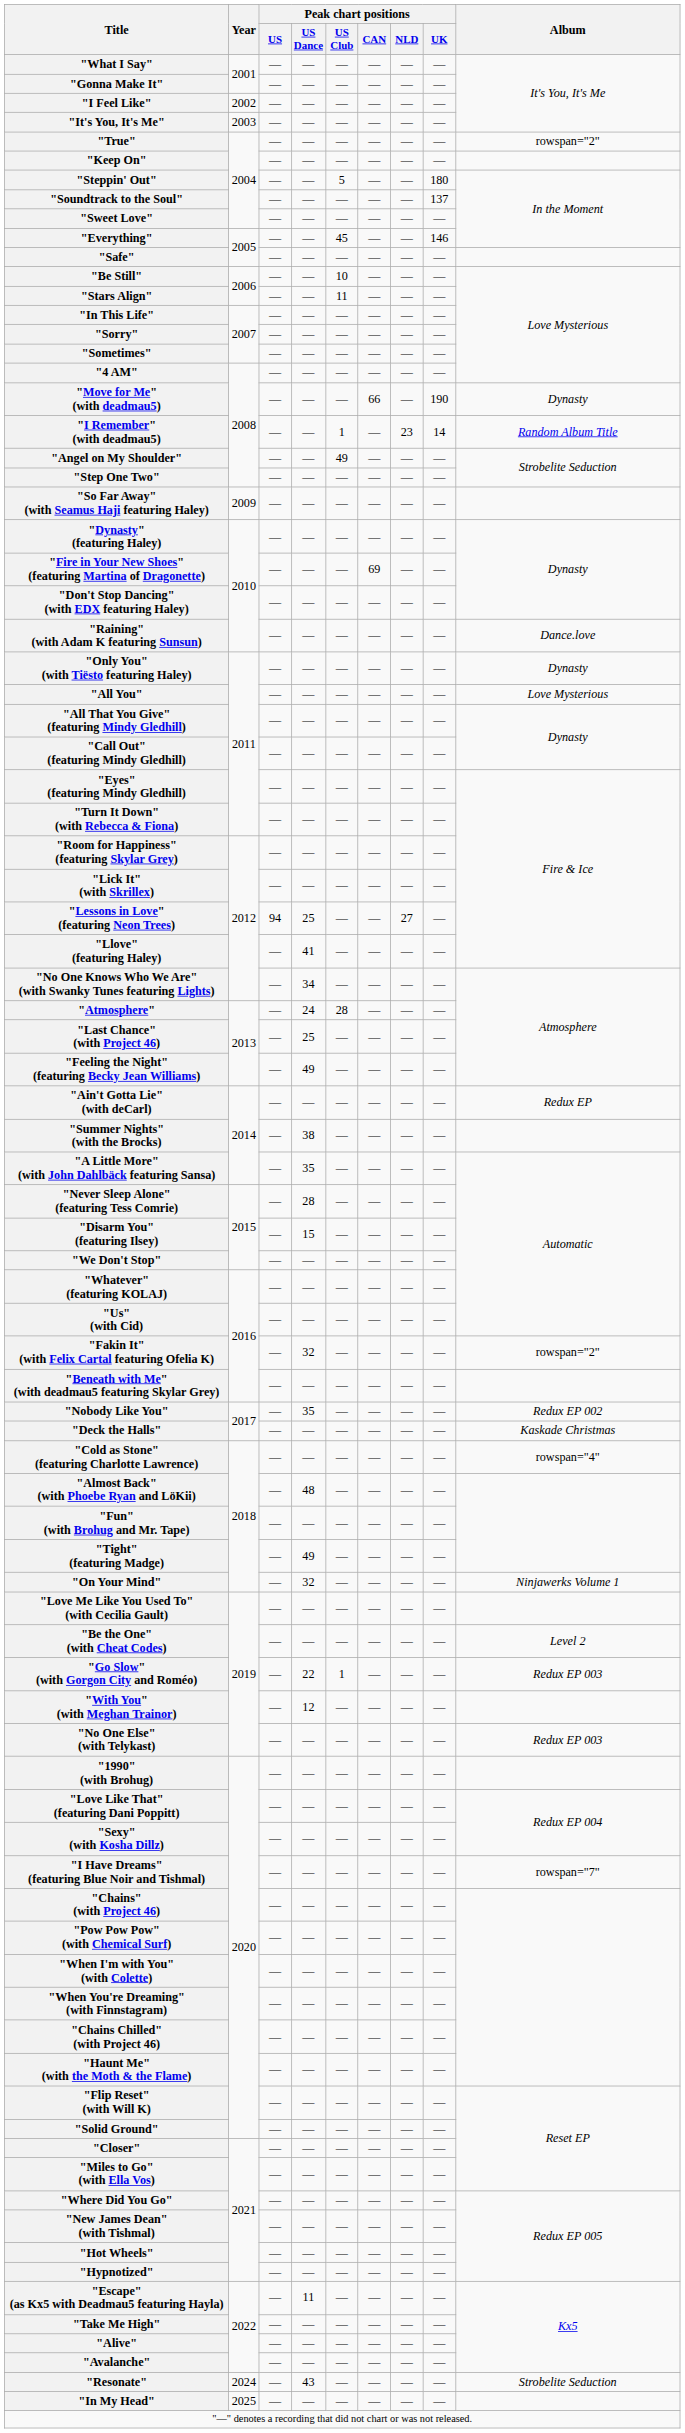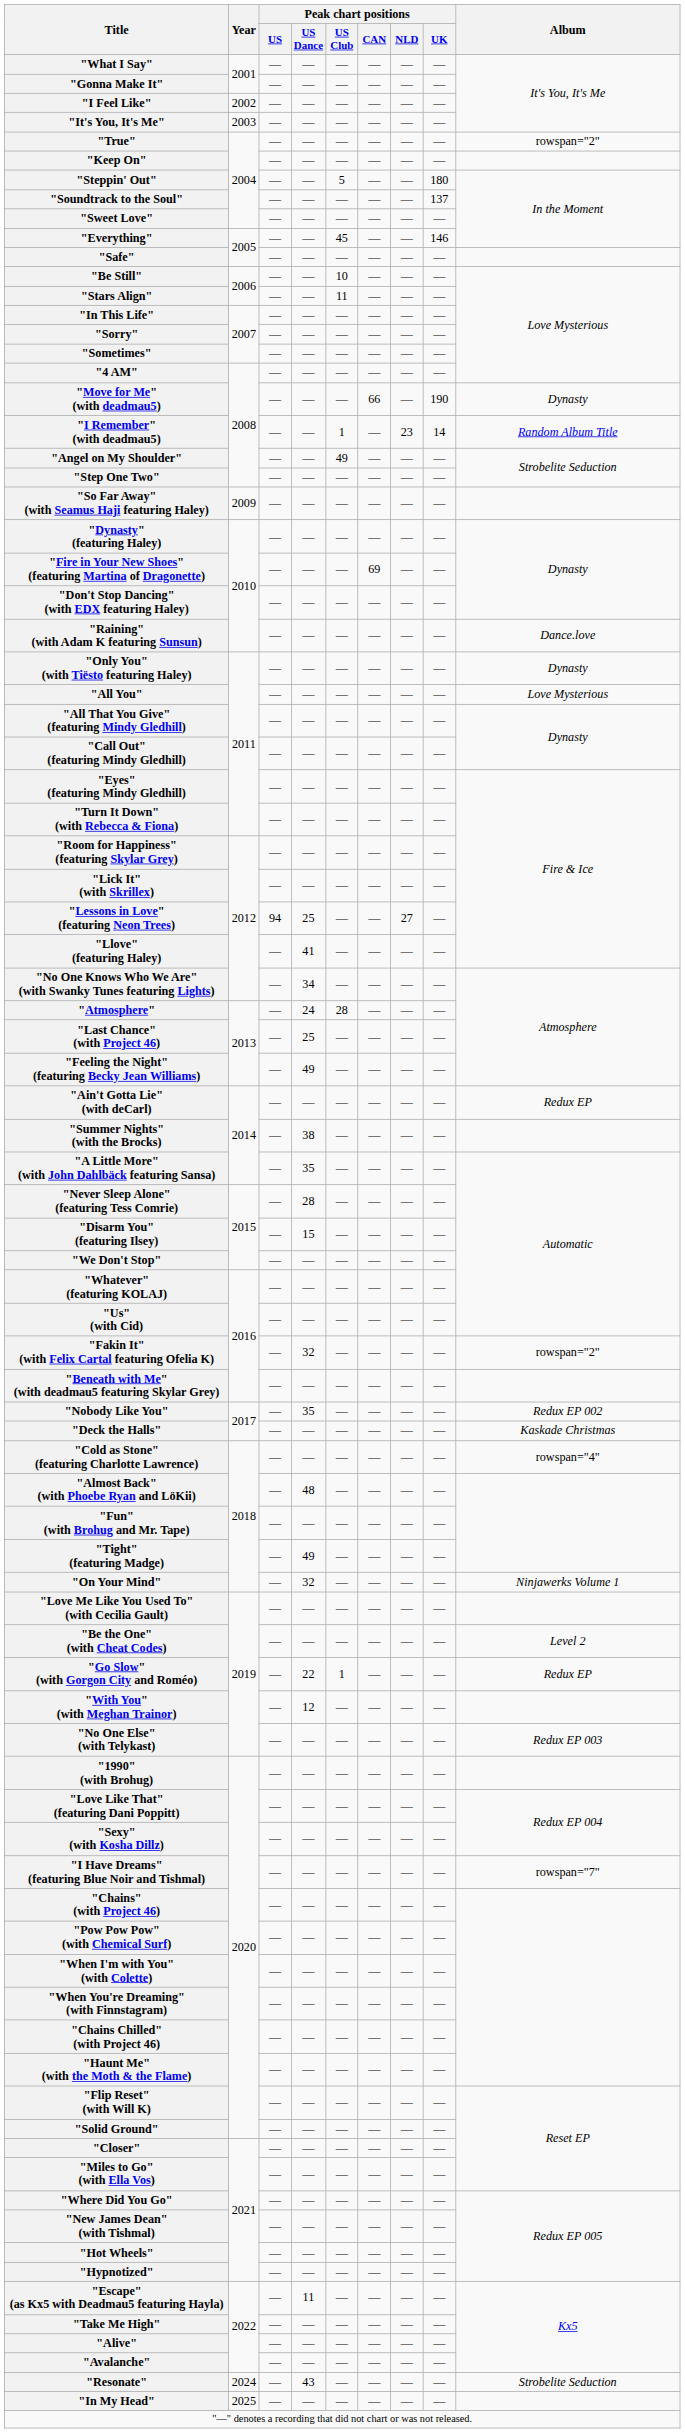 <table class="wikitable plainrowheaders" style="text-align:center;" border="1">
 <tr>
 <th scope="col" rowspan="2" style="width:18em;">Title</th>
 <th scope="col" rowspan="2" style="width:2em;">Year</th>
 <th scope="col" colspan="6">Peak chart positions</th>
 <th scope="col" rowspan="2" style="width:18em;">Album</th>
 </tr>
 <tr>
 <th scope="col" style="width:2.5em;font-size:90%;"><a href='#'>US</a><br></th>
 <th scope="col" style="width:2.5em;font-size:90%;"><a href='#'>US<br>Dance</a><br></th>
 <th scope="col" style="width:2.5em;font-size:90%;"><a href='#'>US<br>Club</a><br></th>
 <th scope="col" style="width:2.5em;font-size:90%;"><a href='#'>CAN</a><br></th>
 <th scope="col" style="width:2.5em;font-size:90%;"><a href='#'>NLD</a><br></th>
 <th scope="col" style="width:2.5em;font-size:90%;"><a href='#'>UK</a><br></th>
 </tr>
 <tr>
 <th scope="row">"What I Say"</th>
 <td rowspan="2">2001</td>
 <td>—</td>
 <td>—</td>
 <td>—</td>
 <td>—</td>
 <td>—</td>
 <td>—</td>
 <td rowspan="4"><em>It's You, It's Me</em></td>
 </tr>
 <tr>
 <th scope="row">"Gonna Make It"</th>
 <td>—</td>
 <td>—</td>
 <td>—</td>
 <td>—</td>
 <td>—</td>
 <td>—</td>
 </tr>
 <tr>
 <th scope="row">"I Feel Like"</th>
 <td>2002</td>
 <td>—</td>
 <td>—</td>
 <td>—</td>
 <td>—</td>
 <td>—</td>
 <td>—</td>
 </tr>
 <tr>
 <th scope="row">"It's You, It's Me"</th>
 <td>2003</td>
 <td>—</td>
 <td>—</td>
 <td>—</td>
 <td>—</td>
 <td>—</td>
 <td>—</td>
 </tr>
 <tr>
 <th scope="row">"True"</th>
 <td rowspan="5">2004</td>
 <td>—</td>
 <td>—</td>
 <td>—</td>
 <td>—</td>
 <td>—</td>
 <td>—</td>
 <td>rowspan="2" </td>
 </tr>
 <tr>
 <th scope="row">"Keep On"</th>
 <td>—</td>
 <td>—</td>
 <td>—</td>
 <td>—</td>
 <td>—</td>
 <td>—</td>
 </tr>
 <tr>
 <th scope="row">"Steppin' Out"</th>
 <td>—</td>
 <td>—</td>
 <td>5</td>
 <td>—</td>
 <td>—</td>
 <td>180</td>
 <td rowspan="4"><em>In the Moment</em></td>
 </tr>
 <tr>
 <th scope="row">"Soundtrack to the Soul"</th>
 <td>—</td>
 <td>—</td>
 <td>—</td>
 <td>—</td>
 <td>—</td>
 <td>137</td>
 </tr>
 <tr>
 <th scope="row">"Sweet Love"</th>
 <td>—</td>
 <td>—</td>
 <td>—</td>
 <td>—</td>
 <td>—</td>
 <td>—</td>
 </tr>
 <tr>
 <th scope="row">"Everything"</th>
 <td rowspan="2">2005</td>
 <td>—</td>
 <td>—</td>
 <td>45</td>
 <td>—</td>
 <td>—</td>
 <td>146</td>
 </tr>
 <tr>
 <th scope="row">"Safe"</th>
 <td>—</td>
 <td>—</td>
 <td>—</td>
 <td>—</td>
 <td>—</td>
 <td>—</td>
 <td></td>
 </tr>
 <tr>
 <th scope="row">"Be Still"</th>
 <td rowspan="2">2006</td>
 <td>—</td>
 <td>—</td>
 <td>10</td>
 <td>—</td>
 <td>—</td>
 <td>—</td>
 <td rowspan="6"><em>Love Mysterious</em></td>
 </tr>
 <tr>
 <th scope="row">"Stars Align"</th>
 <td>—</td>
 <td>—</td>
 <td>11</td>
 <td>—</td>
 <td>—</td>
 <td>—</td>
 </tr>
 <tr>
 <th scope="row">"In This Life"</th>
 <td rowspan="3">2007</td>
 <td>—</td>
 <td>—</td>
 <td>—</td>
 <td>—</td>
 <td>—</td>
 <td>—</td>
 </tr>
 <tr>
 <th scope="row">"Sorry"</th>
 <td>—</td>
 <td>—</td>
 <td>—</td>
 <td>—</td>
 <td>—</td>
 <td>—</td>
 </tr>
 <tr>
 <th scope="row">"Sometimes"</th>
 <td>—</td>
 <td>—</td>
 <td>—</td>
 <td>—</td>
 <td>—</td>
 <td>—</td>
 </tr>
 <tr>
 <th scope="row">"4 AM"</th>
 <td rowspan="5">2008</td>
 <td>—</td>
 <td>—</td>
 <td>—</td>
 <td>—</td>
 <td>—</td>
 <td>—</td>
 </tr>
 <tr>
 <th scope="row">"<a href='#'>Move for Me</a>"<br><span>(with <a href='#'>deadmau5</a>)</span></th>
 <td>—</td>
 <td>—</td>
 <td>—</td>
 <td>66</td>
 <td>—</td>
 <td>190</td>
 <td><em>Dynasty</em></td>
 </tr>
 <tr>
 <th scope="row">"<a href='#'>I Remember</a>"<br><span>(with deadmau5)</span></th>
 <td>—</td>
 <td>—</td>
 <td>1</td>
 <td>—</td>
 <td>23</td>
 <td>14</td>
 <td><em><a href='#'>Random Album Title</a></em></td>
 </tr>
 <tr>
 <th scope="row">"Angel on My Shoulder"</th>
 <td>—</td>
 <td>—</td>
 <td>49</td>
 <td>—</td>
 <td>—</td>
 <td>—</td>
 <td rowspan="2"><em>Strobelite Seduction</em></td>
 </tr>
 <tr>
 <th scope="row">"Step One Two"</th>
 <td>—</td>
 <td>—</td>
 <td>—</td>
 <td>—</td>
 <td>—</td>
 <td>—</td>
 </tr>
 <tr>
 <th scope="row">"So Far Away"<br><span>(with <a href='#'>Seamus Haji</a> featuring Haley)</span></th>
 <td>2009</td>
 <td>—</td>
 <td>—</td>
 <td>—</td>
 <td>—</td>
 <td>—</td>
 <td>—</td>
 <td></td>
 </tr>
 <tr>
 <th scope="row">"<a href='#'>Dynasty</a>"<br><span>(featuring Haley)</span></th>
 <td rowspan="4">2010</td>
 <td>—</td>
 <td>—</td>
 <td>—</td>
 <td>—</td>
 <td>—</td>
 <td>—</td>
 <td rowspan="3"><em>Dynasty</em></td>
 </tr>
 <tr>
 <th scope="row">"<a href='#'>Fire in Your New Shoes</a>"<br><span>(featuring <a href='#'>Martina</a> of <a href='#'>Dragonette</a>)</span></th>
 <td>—</td>
 <td>—</td>
 <td>—</td>
 <td>69</td>
 <td>—</td>
 <td>—</td>
 </tr>
 <tr>
 <th scope="row">"Don't Stop Dancing"<br><span>(with <a href='#'>EDX</a> featuring Haley)</span></th>
 <td>—</td>
 <td>—</td>
 <td>—</td>
 <td>—</td>
 <td>—</td>
 <td>—</td>
 </tr>
 <tr>
 <th scope="row">"Raining"<br><span>(with Adam K featuring <a href='#'>Sunsun</a>)</span></th>
 <td>—</td>
 <td>—</td>
 <td>—</td>
 <td>—</td>
 <td>—</td>
 <td>—</td>
 <td><em>Dance.love</em></td>
 </tr>
 <tr>
 <th scope="row">"Only You"<br><span>(with <a href='#'>Tiësto</a> featuring Haley)</span></th>
 <td rowspan="6">2011</td>
 <td>—</td>
 <td>—</td>
 <td>—</td>
 <td>—</td>
 <td>—</td>
 <td>—</td>
 <td><em>Dynasty</em></td>
 </tr>
 <tr>
 <th scope="row">"All You"</th>
 <td>—</td>
 <td>—</td>
 <td>—</td>
 <td>—</td>
 <td>—</td>
 <td>—</td>
 <td><em>Love Mysterious</em></td>
 </tr>
 <tr>
 <th scope="row">"All That You Give"<br><span>(featuring <a href='#'>Mindy Gledhill</a>)</span></th>
 <td>—</td>
 <td>—</td>
 <td>—</td>
 <td>—</td>
 <td>—</td>
 <td>—</td>
 <td rowspan="2"><em>Dynasty</em></td>
 </tr>
 <tr>
 <th scope="row">"Call Out"<br><span>(featuring Mindy Gledhill)</span></th>
 <td>—</td>
 <td>—</td>
 <td>—</td>
 <td>—</td>
 <td>—</td>
 <td>—</td>
 </tr>
 <tr>
 <th scope="row">"Eyes"<br><span>(featuring Mindy Gledhill)</span></th>
 <td>—</td>
 <td>—</td>
 <td>—</td>
 <td>—</td>
 <td>—</td>
 <td>—</td>
 <td rowspan="6"><em>Fire & Ice</em></td>
 </tr>
 <tr>
 <th scope="row">"Turn It Down"<br><span>(with <a href='#'>Rebecca & Fiona</a>)</span></th>
 <td>—</td>
 <td>—</td>
 <td>—</td>
 <td>—</td>
 <td>—</td>
 <td>—</td>
 </tr>
 <tr>
 <th scope="row">"Room for Happiness"<br><span>(featuring <a href='#'>Skylar Grey</a>)</span></th>
 <td rowspan="5">2012</td>
 <td>—</td>
 <td>—</td>
 <td>—</td>
 <td>—</td>
 <td>—</td>
 <td>—</td>
 </tr>
 <tr>
 <th scope="row">"Lick It"<br><span>(with <a href='#'>Skrillex</a>)</span></th>
 <td>—</td>
 <td>—</td>
 <td>—</td>
 <td>—</td>
 <td>—</td>
 <td>—</td>
 </tr>
 <tr>
 <th scope="row">"<a href='#'>Lessons in Love</a>"<br><span>(featuring <a href='#'>Neon Trees</a>)</span></th>
 <td>94</td>
 <td>25</td>
 <td>—</td>
 <td>—</td>
 <td>27</td>
 <td>—</td>
 </tr>
 <tr>
 <th scope="row">"Llove"<br><span>(featuring Haley)</span></th>
 <td>—</td>
 <td>41</td>
 <td>—</td>
 <td>—</td>
 <td>—</td>
 <td>—</td>
 </tr>
 <tr>
 <th scope="row">"No One Knows Who We Are"<br><span>(with Swanky Tunes featuring <a href='#'>Lights</a>)</span></th>
 <td>—</td>
 <td>34</td>
 <td>—</td>
 <td>—</td>
 <td>—</td>
 <td>—</td>
 <td rowspan="4"><em>Atmosphere</em></td>
 </tr>
 <tr>
 <th scope="row">"<a href='#'>Atmosphere</a>"</th>
 <td rowspan="3">2013</td>
 <td>—</td>
 <td>24</td>
 <td>28</td>
 <td>—</td>
 <td>—</td>
 <td>—</td>
 </tr>
 <tr>
 <th scope="row">"Last Chance"<br><span>(with <a href='#'>Project 46</a>)</span></th>
 <td>—</td>
 <td>25</td>
 <td>—</td>
 <td>—</td>
 <td>—</td>
 <td>—</td>
 </tr>
 <tr>
 <th scope="row">"Feeling the Night"<br><span>(featuring <a href='#'>Becky Jean Williams</a>)</span></th>
 <td>—</td>
 <td>49</td>
 <td>—</td>
 <td>—</td>
 <td>—</td>
 <td>—</td>
 </tr>
 <tr>
 <th scope="row">"Ain't Gotta Lie"<br><span>(with deCarl)</span></th>
 <td rowspan="3">2014</td>
 <td>—</td>
 <td>—</td>
 <td>—</td>
 <td>—</td>
 <td>—</td>
 <td>—</td>
 <td><em>Redux EP</em></td>
 </tr>
 <tr>
 <th scope="row">"Summer Nights"<br><span>(with the Brocks)</span></th>
 <td>—</td>
 <td>38</td>
 <td>—</td>
 <td>—</td>
 <td>—</td>
 <td>—</td>
 <td></td>
 </tr>
 <tr>
 <th scope="row">"A Little More"<br><span>(with <a href='#'>John Dahlbäck</a> featuring Sansa)</span></th>
 <td>—</td>
 <td>35</td>
 <td>—</td>
 <td>—</td>
 <td>—</td>
 <td>—</td>
 <td rowspan="6"><em>Automatic</em></td>
 </tr>
 <tr>
 <th scope="row">"Never Sleep Alone"<br><span>(featuring Tess Comrie)</span></th>
 <td rowspan="3">2015</td>
 <td>—</td>
 <td>28</td>
 <td>—</td>
 <td>—</td>
 <td>—</td>
 <td>—</td>
 </tr>
 <tr>
 <th scope="row">"Disarm You"<br><span>(featuring Ilsey)</span></th>
 <td>—</td>
 <td>15</td>
 <td>—</td>
 <td>—</td>
 <td>—</td>
 <td>—</td>
 </tr>
 <tr>
 <th scope="row">"We Don't Stop"</th>
 <td>—</td>
 <td>—</td>
 <td>—</td>
 <td>—</td>
 <td>—</td>
 <td>—</td>
 </tr>
 <tr>
 <th scope="row">"Whatever"<br><span>(featuring KOLAJ)</span></th>
 <td rowspan="4">2016</td>
 <td>—</td>
 <td>—</td>
 <td>—</td>
 <td>—</td>
 <td>—</td>
 <td>—</td>
 </tr>
 <tr>
 <th scope="row">"Us"<br><span>(with Cid)</span></th>
 <td>—</td>
 <td>—</td>
 <td>—</td>
 <td>—</td>
 <td>—</td>
 <td>—</td>
 </tr>
 <tr>
 <th scope="row">"Fakin It"<br><span>(with <a href='#'>Felix Cartal</a> featuring Ofelia K)</span></th>
 <td>—</td>
 <td>32</td>
 <td>—</td>
 <td>—</td>
 <td>—</td>
 <td>—</td>
 <td>rowspan="2" </td>
 </tr>
 <tr>
 <th scope="row">"<a href='#'>Beneath with Me</a>"<br><span>(with deadmau5 featuring Skylar Grey)</span></th>
 <td>—</td>
 <td>—</td>
 <td>—</td>
 <td>—</td>
 <td>—</td>
 <td>—</td>
 </tr>
 <tr>
 <th scope="row">"Nobody Like You"</th>
 <td rowspan="2">2017</td>
 <td>—</td>
 <td>35</td>
 <td>—</td>
 <td>—</td>
 <td>—</td>
 <td>—</td>
 <td><em>Redux EP 002</em></td>
 </tr>
 <tr>
 <th scope="row">"Deck the Halls"</th>
 <td>—</td>
 <td>—</td>
 <td>—</td>
 <td>—</td>
 <td>—</td>
 <td>—</td>
 <td><em>Kaskade Christmas</em></td>
 </tr>
 <tr>
 <th scope="row">"Cold as Stone" <br><span>(featuring Charlotte Lawrence)</span></th>
 <td rowspan="5">2018</td>
 <td>—</td>
 <td>—</td>
 <td>—</td>
 <td>—</td>
 <td>—</td>
 <td>—</td>
 <td>rowspan="4" </td>
 </tr>
 <tr>
 <th scope="row">"Almost Back" <br><span>(with <a href='#'>Phoebe Ryan</a> and LöKii)</span></th>
 <td>—</td>
 <td>48</td>
 <td>—</td>
 <td>—</td>
 <td>—</td>
 <td>—</td>
 </tr>
 <tr>
 <th scope="row">"Fun" <br><span>(with <a href='#'>Brohug</a> and Mr. Tape)</span></th>
 <td>—</td>
 <td>—</td>
 <td>—</td>
 <td>—</td>
 <td>—</td>
 <td>—</td>
 </tr>
 <tr>
 <th scope="row">"Tight" <br><span>(featuring Madge)</span></th>
 <td>—</td>
 <td>49</td>
 <td>—</td>
 <td>—</td>
 <td>—</td>
 <td>—</td>
 </tr>
 <tr>
 <th scope="row">"On Your Mind"</th>
 <td>—</td>
 <td>32</td>
 <td>—</td>
 <td>—</td>
 <td>—</td>
 <td>—</td>
 <td><em>Ninjawerks Volume 1</em></td>
 </tr>
 <tr>
 <th scope="row">"Love Me Like You Used To"<br><span>(with Cecilia Gault)</span></th>
 <td rowspan="5">2019</td>
 <td>—</td>
 <td>—</td>
 <td>—</td>
 <td>—</td>
 <td>—</td>
 <td>—</td>
 <td></td>
 </tr>
 <tr>
 <th scope="row">"Be the One"<br><span>(with <a href='#'>Cheat Codes</a>)</span></th>
 <td>—</td>
 <td>—</td>
 <td>—</td>
 <td>—</td>
 <td>—</td>
 <td>—</td>
 <td><em>Level 2</em></td>
 </tr>
 <tr>
 <th scope="row">"<a href='#'>Go Slow</a>"<br><span>(with <a href='#'>Gorgon City</a> and Roméo)</span></th>
 <td>—</td>
 <td>22</td>
 <td>1</td>
 <td>—</td>
 <td>—</td>
 <td>—</td>
-<td><em>Redux EP 003</em></td>
+<td><em>Redux EP</em></td>
 </tr>
 <tr>
 <th scope="row">"<a href='#'>With You</a>"<br><span>(with <a href='#'>Meghan Trainor</a>)</span></th>
 <td>—</td>
 <td>12</td>
 <td>—</td>
 <td>—</td>
 <td>—</td>
 <td>—</td>
 <td></td>
 </tr>
 <tr>
 <th scope="row">"No One Else" <br><span>(with Telykast)</span></th>
 <td>—</td>
 <td>—</td>
 <td>—</td>
 <td>—</td>
 <td>—</td>
 <td>—</td>
 <td><em>Redux EP 003</em></td>
 </tr>
 <tr>
 <th scope="row">"1990"<br><span>(with Brohug)</span></th>
 <td rowspan="12">2020</td>
 <td>—</td>
 <td>—</td>
 <td>—</td>
 <td>—</td>
 <td>—</td>
 <td>—</td>
 <td></td>
 </tr>
 <tr>
 <th scope="row">"Love Like That"<br><span>(featuring Dani Poppitt)</span></th>
 <td>—</td>
 <td>—</td>
 <td>—</td>
 <td>—</td>
 <td>—</td>
 <td>—</td>
 <td rowspan="2"><em>Redux EP 004</em></td>
 </tr>
 <tr>
 <th scope="row">"Sexy"<br><span>(with <a href='#'>Kosha Dillz</a>)</span></th>
 <td>—</td>
 <td>—</td>
 <td>—</td>
 <td>—</td>
 <td>—</td>
 <td>—</td>
 </tr>
 <tr>
 <th scope="row">"I Have Dreams"<br><span>(featuring Blue Noir and Tishmal)</span></th>
 <td>—</td>
 <td>—</td>
 <td>—</td>
 <td>—</td>
 <td>—</td>
 <td>—</td>
 <td>rowspan="7" </td>
 </tr>
 <tr>
 <th scope="row">"Chains"<br><span>(with <a href='#'>Project 46</a>)</span></th>
 <td>—</td>
 <td>—</td>
 <td>—</td>
 <td>—</td>
 <td>—</td>
 <td>—</td>
 </tr>
 <tr>
 <th scope="row">"Pow Pow Pow"<br><span>(with <a href='#'>Chemical Surf</a>)</span></th>
 <td>—</td>
 <td>—</td>
 <td>—</td>
 <td>—</td>
 <td>—</td>
 <td>—</td>
 </tr>
 <tr>
 <th scope="row">"When I'm with You"<br><span>(with <a href='#'>Colette</a>)</span></th>
 <td>—</td>
 <td>—</td>
 <td>—</td>
 <td>—</td>
 <td>—</td>
 <td>—</td>
 </tr>
 <tr>
 <th scope="row">"When You're Dreaming"<br><span>(with Finnstagram)</span></th>
 <td>—</td>
 <td>—</td>
 <td>—</td>
 <td>—</td>
 <td>—</td>
 <td>—</td>
 </tr>
 <tr>
 <th scope="row">"Chains Chilled"<br><span>(with Project 46)</span></th>
 <td>—</td>
 <td>—</td>
 <td>—</td>
 <td>—</td>
 <td>—</td>
 <td>—</td>
 </tr>
 <tr>
 <th scope="row">"Haunt Me"<br><span>(with <a href='#'>the Moth & the Flame</a>)</span></th>
 <td>—</td>
 <td>—</td>
 <td>—</td>
 <td>—</td>
 <td>—</td>
 <td>—</td>
 </tr>
 <tr>
 <th scope="row">"Flip Reset"<br><span>(with Will K)</span></th>
 <td>—</td>
 <td>—</td>
 <td>—</td>
 <td>—</td>
 <td>—</td>
 <td>—</td>
 <td rowspan="4"><em>Reset EP</em></td>
 </tr>
 <tr>
 <th scope="row">"Solid Ground"</th>
 <td>—</td>
 <td>—</td>
 <td>—</td>
 <td>—</td>
 <td>—</td>
 <td>—</td>
 </tr>
 <tr>
 <th scope="row">"Closer"</th>
 <td rowspan="6">2021</td>
 <td>—</td>
 <td>—</td>
 <td>—</td>
 <td>—</td>
 <td>—</td>
 <td>—</td>
 </tr>
 <tr>
 <th scope="row">"Miles to Go"<br><span>(with <a href='#'>Ella Vos</a>)</span></th>
 <td>—</td>
 <td>—</td>
 <td>—</td>
 <td>—</td>
 <td>—</td>
 <td>—</td>
 </tr>
 <tr>
 <th scope="row">"Where Did You Go"</th>
 <td>—</td>
 <td>—</td>
 <td>—</td>
 <td>—</td>
 <td>—</td>
 <td>—</td>
 <td rowspan="4"><em>Redux EP 005</em></td>
 </tr>
 <tr>
 <th scope="row">"New James Dean"<br><span>(with Tishmal)</span></th>
 <td>—</td>
 <td>—</td>
 <td>—</td>
 <td>—</td>
 <td>—</td>
 <td>—</td>
 </tr>
 <tr>
 <th scope="row">"Hot Wheels"</th>
 <td>—</td>
 <td>—</td>
 <td>—</td>
 <td>—</td>
 <td>—</td>
 <td>—</td>
 </tr>
 <tr>
 <th scope="row">"Hypnotized"</th>
 <td>—</td>
 <td>—</td>
 <td>—</td>
 <td>—</td>
 <td>—</td>
 <td>—</td>
 </tr>
 <tr>
 <th scope="row">"Escape"<br><span>(as Kx5 with Deadmau5 featuring Hayla)</span></th>
 <td rowspan="4">2022</td>
 <td>—</td>
 <td>11</td>
 <td>—</td>
 <td>—</td>
 <td>—</td>
 <td>—</td>
 <td rowspan="4"><em><a href='#'>Kx5</a></em></td>
 </tr>
 <tr>
 <th scope="row">"Take Me High"<br></th>
 <td>—</td>
 <td>—</td>
 <td>—</td>
 <td>—</td>
 <td>—</td>
 <td>—</td>
 </tr>
 <tr>
 <th scope="row">"Alive"<br></th>
 <td>—</td>
 <td>—</td>
 <td>—</td>
 <td>—</td>
 <td>—</td>
 <td>—</td>
 </tr>
 <tr>
 <th scope="row">"Avalanche"<br></th>
 <td>—</td>
 <td>—</td>
 <td>—</td>
 <td>—</td>
 <td>—</td>
 <td>—</td>
 </tr>
 <tr>
 <th scope="row">"Resonate"<br></th>
 <td>2024</td>
 <td>—</td>
 <td>43</td>
 <td>—</td>
 <td>—</td>
 <td>—</td>
 <td>—</td>
 <td><em>Strobelite Seduction</em></td>
 </tr>
 <tr>
 <th scope="row">"In My Head"<br></th>
 <td>2025</td>
 <td>—</td>
 <td>—</td>
 <td>—</td>
 <td>—</td>
 <td>—</td>
 <td>—</td>
 <td></td>
 </tr>
 <tr>
 <td colspan="9" style="font-size:85%">"—" denotes a recording that did not chart or was not released.</td>
 </tr>
 </table>
